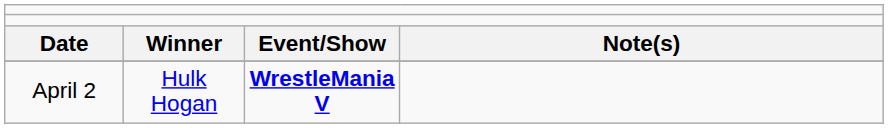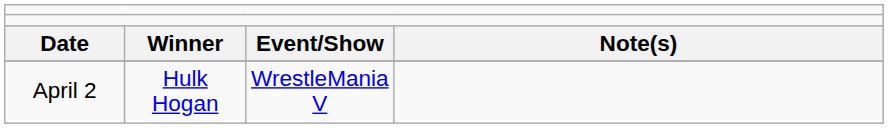 <table class="wikitable" style="text-align:center; width:100%;">
 <tr>
 <td colspan="5"></td>
 </tr>
 <tr>
 <td colspan="5"><strong></strong></td>
 </tr>
 <tr>
 <th width="14%">Date</th>
 <th width="14%">Winner</th>
 <th width="14%">Event/Show</th>
 <th width="58%">Note(s)</th>
 </tr>
 <tr>
 </tr>
 <tr>
 <td>April 2</td>
 <td><a href='#'>Hulk Hogan</a></td>
-<td><strong><a href='#'>WrestleMania V</a></strong></td>
+<td><a href='#'>WrestleMania V</a></td>
 <td align="left"></td>
 </tr>
 </table>
